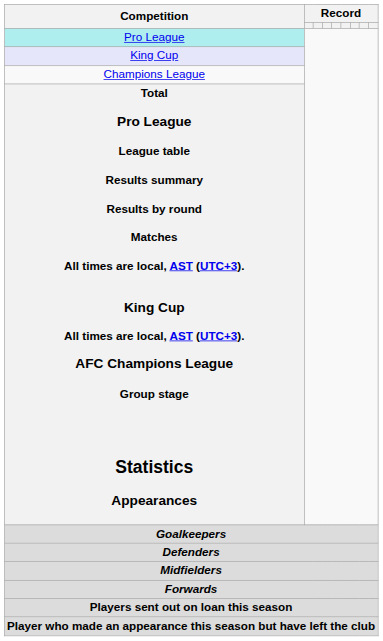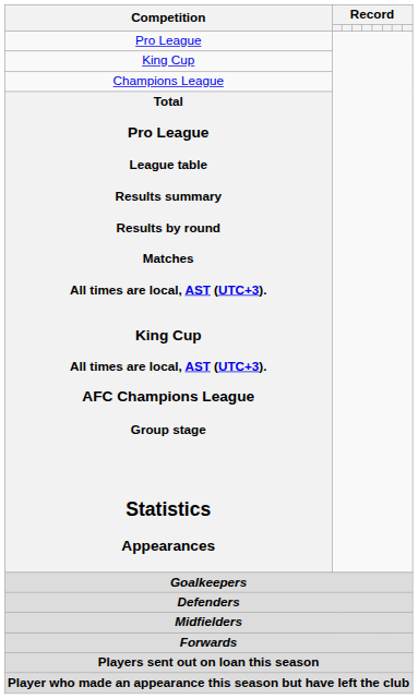 <table class="wikitable" style="text-align: center">
 <tr>
 <th rowspan=2>Competition</th>
 <th colspan=8>Record</th>
 </tr>
 <tr>
 <th></th>
 <th></th>
 <th></th>
 <th></th>
 <th></th>
 <th></th>
 <th></th>
 <th></th>
 </tr>
 <tr>
-<td style="background: paleturquoise;"><a href='#'>Pro League</a><br></td>
+<td><a href='#'>Pro League</a><br></td>
 </tr>
 <tr>
-<td style="background: lavender;"><a href='#'>King Cup</a><br></td>
+<td><a href='#'>King Cup</a><br></td>
 </tr>
 <tr>
 <td><a href='#'>Champions League</a><br></td>
 </tr>
 <tr>
 <th>Total<br> <h3>Pro League</h3><h4>League table</h4><h4>Results summary</h4> <h4>Results by round</h4><h4>Matches</h4>All times are local, <a href='#'>AST</a> (<a href='#'>UTC+3</a>).<br>   <br>                             <h3>King Cup</h3> All times are local, <a href='#'>AST</a> (<a href='#'>UTC+3</a>).<br>  <h3>AFC Champions League</h3><h4>Group stage</h4><br><br>     <h2>Statistics</h2><h3>Appearances</h3></th>
 </tr>
 <tr>
 <th colspan=12 style=background:#dcdcdc; text-align:center><em>Goalkeepers</em><br>   </th>
 </tr>
 <tr>
 <th colspan=12 style=background:#dcdcdc; text-align:center><em>Defenders</em><br>         </th>
 </tr>
 <tr>
 <th colspan=12 style=background:#dcdcdc; text-align:center><em>Midfielders</em><br>          </th>
 </tr>
 <tr>
 <th colspan=12 style=background:#dcdcdc; text-align:center><em>Forwards</em><br>     </th>
 </tr>
 <tr>
 <th colspan=14 style=background:#dcdcdc; text-align:center>Players sent out on loan this season<br>  </th>
 </tr>
 <tr>
 <th colspan=18 style=background:#dcdcdc; text-align:center>Player who made an appearance this season but have left the club<br>      </th>
 </tr>
 </table>
